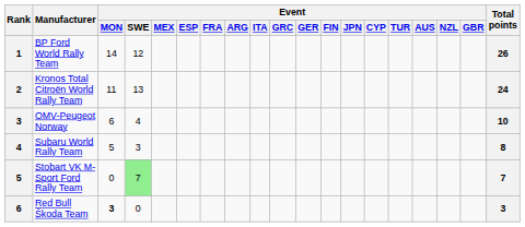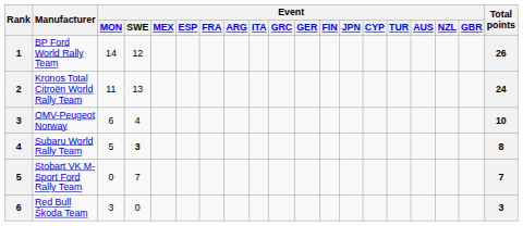 <table class="wikitable" style="text-align:center; font-size:90%;">
 <tr>
 <th rowspan=2>Rank</th>
 <th rowspan=2 style="width:16em">Manufacturer</th>
 <th colspan=16>Event</th>
 <th rowspan=2>Total<br>points</th>
 </tr>
 <tr valign="top">
 <th><a href='#'>MON</a><br></th>
 <th>SWE<br></th>
 <th><a href='#'>MEX</a><br></th>
 <th><a href='#'>ESP</a><br></th>
 <th><a href='#'>FRA</a><br></th>
 <th><a href='#'>ARG</a><br></th>
 <th><a href='#'>ITA</a><br></th>
 <th><a href='#'>GRC</a><br></th>
 <th><a href='#'>GER</a><br></th>
 <th><a href='#'>FIN</a><br></th>
 <th><a href='#'>JPN</a><br></th>
 <th><a href='#'>CYP</a><br></th>
 <th><a href='#'>TUR</a><br></th>
 <th><a href='#'>AUS</a><br></th>
 <th><a href='#'>NZL</a><br></th>
 <th><a href='#'>GBR</a><br></th>
 </tr>
 <tr>
 <th>1</th>
 <td align=left><a href='#'>BP Ford World Rally Team</a></td>
 <td>14</td>
 <td>12</td>
 <td></td>
 <td></td>
 <td></td>
 <td></td>
 <td></td>
 <td></td>
 <td></td>
 <td></td>
 <td></td>
 <td></td>
 <td></td>
 <td></td>
 <td></td>
 <td></td>
 <th>26</th>
 </tr>
 <tr>
 <th>2</th>
 <td align=left><a href='#'>Kronos Total Citroën World Rally Team</a></td>
 <td>11</td>
 <td>13</td>
 <td></td>
 <td></td>
 <td></td>
 <td></td>
 <td></td>
 <td></td>
 <td></td>
 <td></td>
 <td></td>
 <td></td>
 <td></td>
 <td></td>
 <td></td>
 <td></td>
 <th>24</th>
 </tr>
 <tr>
 <th>3</th>
 <td align=left><a href='#'>OMV-Peugeot Norway</a></td>
 <td>6</td>
 <td>4</td>
 <td></td>
 <td></td>
 <td></td>
 <td></td>
 <td></td>
 <td></td>
 <td></td>
 <td></td>
 <td></td>
 <td></td>
 <td></td>
 <td></td>
 <td></td>
 <td></td>
 <th>10</th>
 </tr>
 <tr>
 <th>4</th>
 <td align=left><a href='#'>Subaru World Rally Team</a></td>
 <td>5</td>
-<td>3</td>
+<td><strong>3</strong></td>
 <td></td>
 <td></td>
 <td></td>
 <td></td>
 <td></td>
 <td></td>
 <td></td>
 <td></td>
 <td></td>
 <td></td>
 <td></td>
 <td></td>
 <td></td>
 <td></td>
 <th>8</th>
 </tr>
 <tr>
 <th>5</th>
 <td align=left><a href='#'>Stobart VK M-Sport Ford Rally Team</a></td>
 <td>0</td>
-<td style="background: lightgreen;">7</td>
+<td>7</td>
 <td></td>
 <td></td>
 <td></td>
 <td></td>
 <td></td>
 <td></td>
 <td></td>
 <td></td>
 <td></td>
 <td></td>
 <td></td>
 <td></td>
 <td></td>
 <td></td>
 <th>7</th>
 </tr>
 <tr>
 <th>6</th>
 <td align=left><a href='#'>Red Bull Škoda Team</a></td>
-<td><strong>3</strong></td>
+<td>3</td>
 <td>0</td>
 <td></td>
 <td></td>
 <td></td>
 <td></td>
 <td></td>
 <td></td>
 <td></td>
 <td></td>
 <td></td>
 <td></td>
 <td></td>
 <td></td>
 <td></td>
 <td></td>
 <th>3</th>
 </tr>
 </table>
